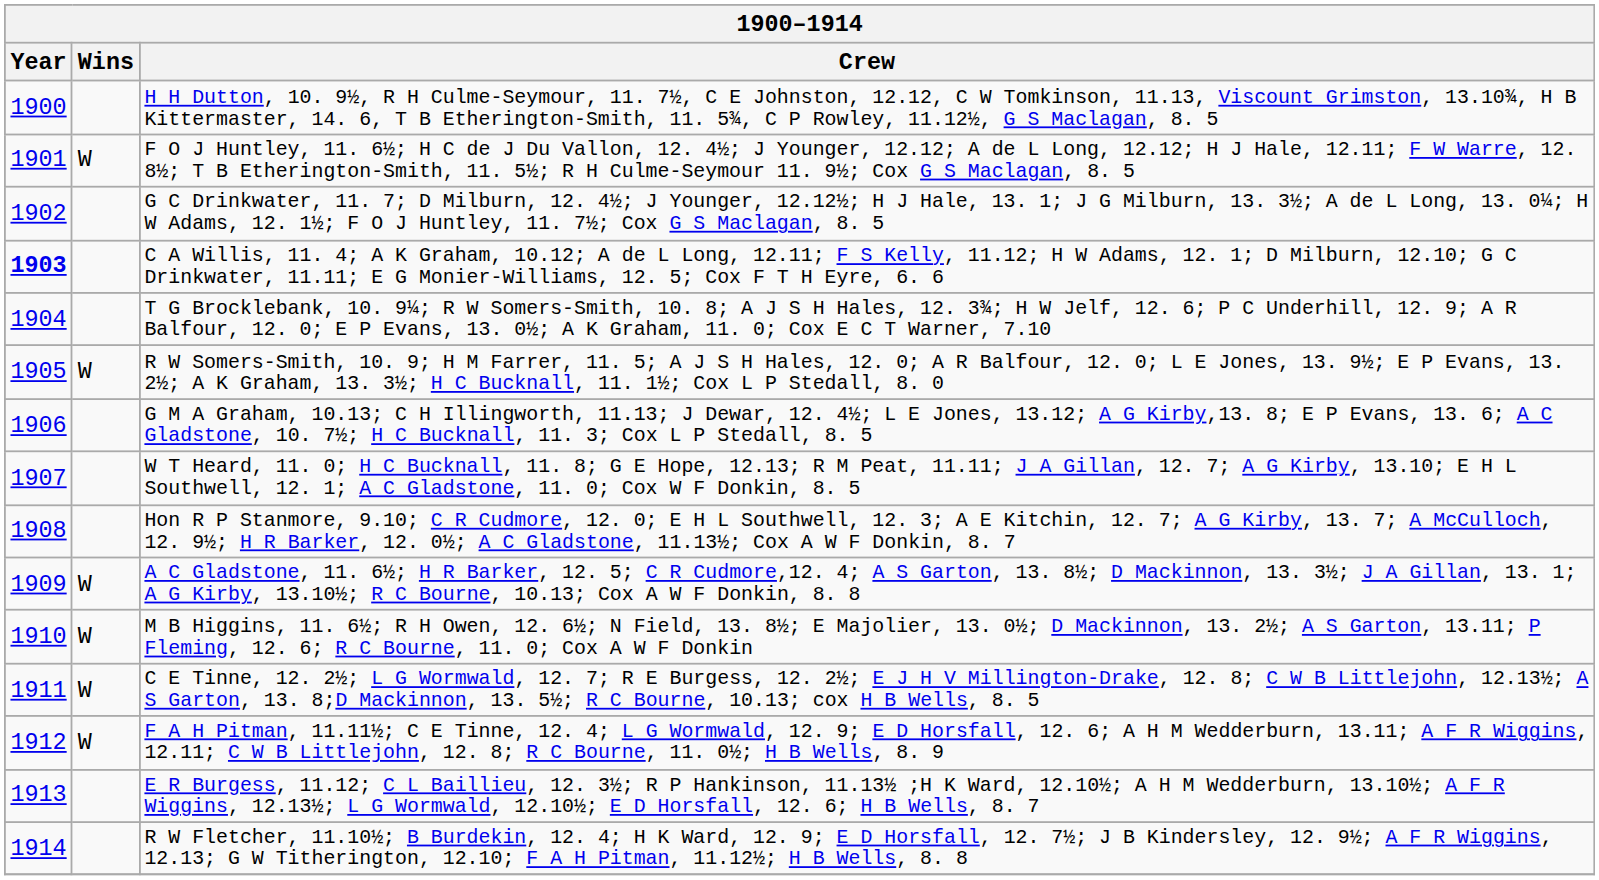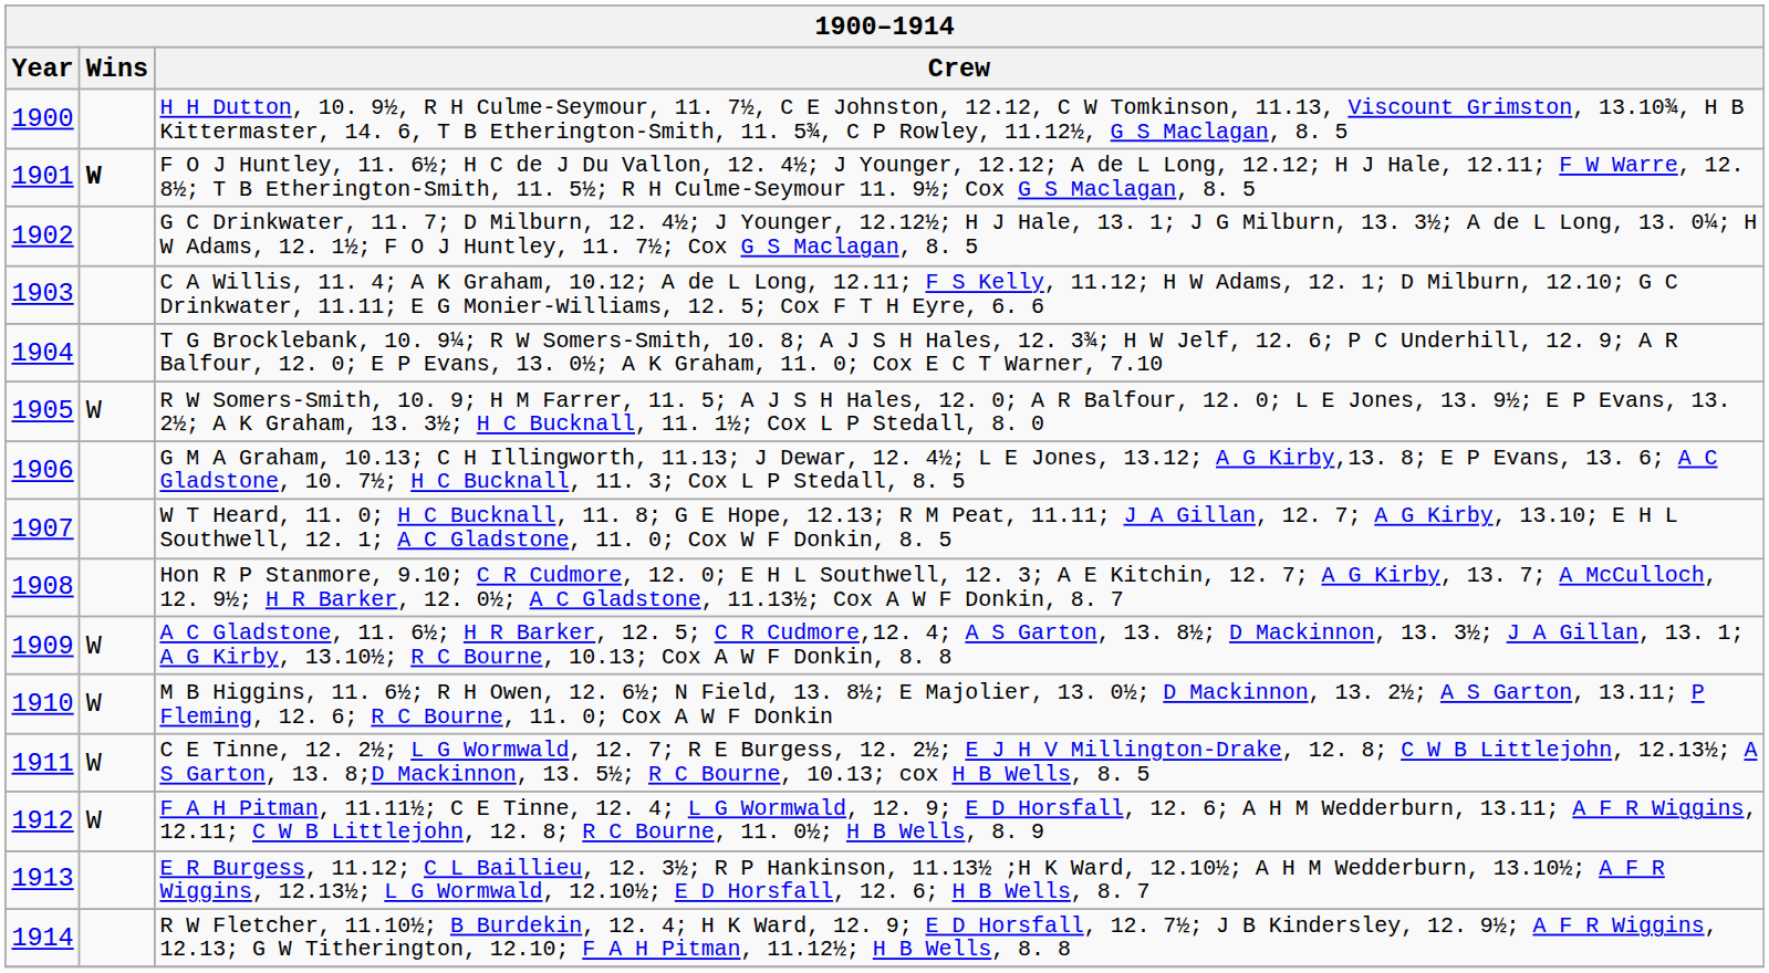 <table class="wikitable" width="100%">
 <tr>
 <th colspan=3>1900–1914</th>
 </tr>
 <tr>
 <th>Year</th>
 <th>Wins</th>
 <th>Crew</th>
 </tr>
 <tr>
 <td><a href='#'>1900</a></td>
 <td></td>
 <td style="font-size:85%"><a href='#'>H H Dutton</a>, 10. 9½, R H Culme-Seymour, 11. 7½, C E Johnston, 12.12, C W Tomkinson, 11.13, <a href='#'>Viscount Grimston</a>, 13.10¾, H B Kittermaster, 14. 6, T B Etherington-Smith, 11. 5¾, C P Rowley, 11.12½, <a href='#'>G S Maclagan</a>, 8. 5</td>
 </tr>
 <tr>
 <td><a href='#'>1901</a></td>
-<td>W</td>
+<td><strong>W</strong></td>
 <td style="font-size:85%">F O J Huntley, 11. 6½; H C de J Du Vallon, 12. 4½; J Younger, 12.12; A de L Long, 12.12; H J Hale, 12.11; <a href='#'>F W Warre</a>, 12. 8½; T B Etherington-Smith, 11. 5½; R H Culme-Seymour 11. 9½; Cox <a href='#'>G S Maclagan</a>, 8. 5</td>
 </tr>
 <tr>
 <td><a href='#'>1902</a></td>
 <td></td>
 <td style="font-size:85%">G C Drinkwater, 11. 7; D Milburn, 12. 4½; J Younger, 12.12½; H J Hale, 13. 1; J G Milburn, 13. 3½; A de L Long, 13. 0¼; H W Adams, 12. 1½; F O J Huntley, 11. 7½; Cox <a href='#'>G S Maclagan</a>, 8. 5</td>
 </tr>
 <tr>
-<td><strong><a href='#'>1903</a></strong></td>
+<td><a href='#'>1903</a></td>
 <td></td>
 <td style="font-size:85%">C A Willis, 11. 4; A K Graham, 10.12; A de L Long, 12.11; <a href='#'>F S Kelly</a>, 11.12; H W Adams, 12. 1; D Milburn, 12.10; G C Drinkwater, 11.11; E G Monier-Williams, 12. 5; Cox F T H Eyre, 6. 6</td>
 </tr>
 <tr>
 <td><a href='#'>1904</a></td>
 <td></td>
 <td style="font-size:85%">T G Brocklebank, 10. 9¼; R W Somers-Smith, 10. 8; A J S H Hales, 12. 3¾; H W Jelf, 12. 6; P C Underhill, 12. 9; A R Balfour, 12. 0; E P Evans, 13. 0½; A K Graham, 11. 0; Cox E C T Warner, 7.10</td>
 </tr>
 <tr>
 <td><a href='#'>1905</a></td>
 <td>W</td>
 <td style="font-size:85%">R W Somers-Smith, 10. 9; H M Farrer, 11. 5; A J S H Hales, 12. 0; A R Balfour, 12. 0; L E Jones, 13. 9½; E P Evans, 13. 2½; A K Graham, 13. 3½; <a href='#'>H C Bucknall</a>, 11. 1½; Cox L P Stedall, 8. 0</td>
 </tr>
 <tr>
 <td><a href='#'>1906</a></td>
 <td></td>
 <td style="font-size:85%">G M A Graham, 10.13; C H Illingworth, 11.13; J Dewar, 12. 4½; L E Jones, 13.12; <a href='#'>A G Kirby</a>,13. 8; E P Evans, 13. 6; <a href='#'>A C Gladstone</a>, 10. 7½; <a href='#'>H C Bucknall</a>, 11. 3; Cox L P Stedall, 8. 5</td>
 </tr>
 <tr>
 <td><a href='#'>1907</a></td>
 <td></td>
 <td style="font-size:85%">W T Heard, 11. 0; <a href='#'>H C Bucknall</a>, 11. 8; G E Hope, 12.13; R M Peat, 11.11; <a href='#'>J A Gillan</a>, 12. 7; <a href='#'>A G Kirby</a>, 13.10; E H L Southwell, 12. 1; <a href='#'>A C Gladstone</a>, 11. 0; Cox W F Donkin, 8. 5</td>
 </tr>
 <tr>
 <td><a href='#'>1908</a></td>
 <td></td>
 <td style="font-size:85%">Hon R P Stanmore, 9.10; <a href='#'>C R Cudmore</a>, 12. 0; E H L Southwell, 12. 3; A E Kitchin, 12. 7; <a href='#'>A G Kirby</a>, 13. 7; <a href='#'>A McCulloch</a>, 12. 9½; <a href='#'>H R Barker</a>, 12. 0½; <a href='#'>A C Gladstone</a>, 11.13½; Cox A W F Donkin, 8. 7</td>
 </tr>
 <tr>
 <td><a href='#'>1909</a></td>
 <td>W</td>
 <td style="font-size:85%"><a href='#'>A C Gladstone</a>, 11. 6½; <a href='#'>H R Barker</a>, 12. 5; <a href='#'>C R Cudmore</a>,12. 4; <a href='#'>A S Garton</a>, 13. 8½; <a href='#'>D Mackinnon</a>, 13. 3½; <a href='#'>J A Gillan</a>, 13. 1; <a href='#'>A G Kirby</a>, 13.10½; <a href='#'>R C Bourne</a>, 10.13; Cox A W F Donkin, 8. 8</td>
 </tr>
 <tr>
 <td><a href='#'>1910</a></td>
 <td>W</td>
 <td style="font-size:85%">M B Higgins, 11. 6½; R H Owen, 12. 6½; N Field, 13. 8½; E Majolier, 13. 0½; <a href='#'>D Mackinnon</a>, 13. 2½; <a href='#'>A S Garton</a>, 13.11; <a href='#'>P Fleming</a>, 12. 6; <a href='#'>R C Bourne</a>, 11. 0; Cox A W F Donkin</td>
 </tr>
 <tr>
 <td><a href='#'>1911</a></td>
 <td>W</td>
 <td style="font-size:85%">C E Tinne, 12. 2½; <a href='#'>L G Wormwald</a>, 12. 7; R E Burgess, 12. 2½; <a href='#'>E J H V Millington-Drake</a>, 12. 8; <a href='#'>C W B Littlejohn</a>, 12.13½; <a href='#'>A S Garton</a>, 13. 8;<a href='#'>D Mackinnon</a>, 13. 5½; <a href='#'>R C Bourne</a>, 10.13; cox <a href='#'>H B Wells</a>, 8. 5</td>
 </tr>
 <tr>
 <td><a href='#'>1912</a></td>
 <td>W</td>
 <td style="font-size:85%"><a href='#'>F A H Pitman</a>, 11.11½; C E Tinne, 12. 4; <a href='#'>L G Wormwald</a>, 12. 9; <a href='#'>E D Horsfall</a>, 12. 6; A H M Wedderburn, 13.11; <a href='#'>A F R Wiggins</a>, 12.11; <a href='#'>C W B Littlejohn</a>, 12. 8; <a href='#'>R C Bourne</a>, 11. 0½; <a href='#'>H B Wells</a>, 8. 9</td>
 </tr>
 <tr>
 <td><a href='#'>1913</a></td>
 <td></td>
 <td style="font-size:85%"><a href='#'>E R Burgess</a>, 11.12; <a href='#'>C L Baillieu</a>, 12. 3½; R P Hankinson, 11.13½ ;H K Ward, 12.10½; A H M Wedderburn, 13.10½; <a href='#'>A F R Wiggins</a>, 12.13½; <a href='#'>L G Wormwald</a>, 12.10½; <a href='#'>E D Horsfall</a>, 12. 6; <a href='#'>H B Wells</a>, 8. 7</td>
 </tr>
 <tr>
 <td><a href='#'>1914</a></td>
 <td></td>
 <td style="font-size:85%">R W Fletcher, 11.10½; <a href='#'>B Burdekin</a>, 12. 4; H K Ward, 12. 9; <a href='#'>E D Horsfall</a>, 12. 7½; J B Kindersley, 12. 9½; <a href='#'>A F R Wiggins</a>, 12.13; G W Titherington, 12.10; <a href='#'>F A H Pitman</a>, 11.12½; <a href='#'>H B Wells</a>, 8. 8</td>
 </tr>
 <tr>
 </tr>
 </table>
